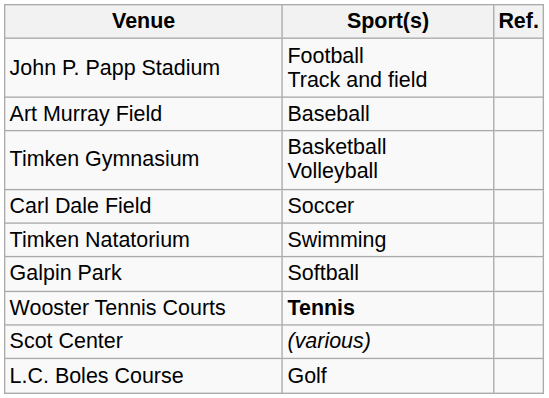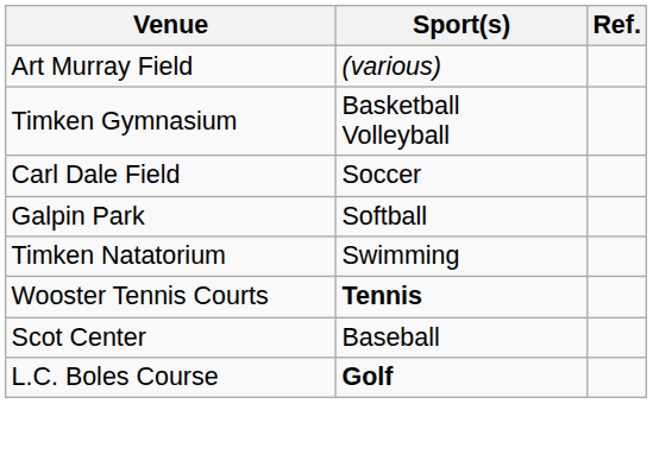 <table class="wikitable"; style= "text-align: ">
 <tr>
 <th width=200px>Venue</th>
 <th width=150px>Sport(s)</th>
 <th width=px>Ref.</th>
 </tr>
 <tr>
-<td>John P. Papp Stadium</td>
-<td>Football <br> Track and field </td>
-<td></td>
-</tr>
-<tr>
 <td>Art Murray Field</td>
-<td>Baseball</td>
+<td><em>(various)</em> </td>
 <td></td>
 </tr>
 <tr>
 <td>Timken Gymnasium </td>
 <td>Basketball <br> Volleyball</td>
 <td></td>
 </tr>
 <tr>
 <td>Carl Dale Field</td>
 <td>Soccer</td>
 <td></td>
 </tr>
 <tr>
-<td>Timken Natatorium</td>
-<td>Swimming</td>
+<td>Galpin Park</td>
+<td>Softball</td>
 <td></td>
 </tr>
 <tr>
-<td>Galpin Park</td>
-<td>Softball</td>
+<td>Timken Natatorium</td>
+<td>Swimming</td>
 <td></td>
 </tr>
 <tr>
 <td>Wooster Tennis Courts</td>
 <td><strong>Tennis</strong></td>
 <td></td>
 </tr>
 <tr>
 <td>Scot Center </td>
-<td><em>(various)</em> </td>
+<td>Baseball</td>
 <td></td>
 </tr>
 <tr>
 <td>L.C. Boles Course </td>
-<td>Golf</td>
+<td><strong>Golf</strong></td>
 <td></td>
 </tr>
 </table>
